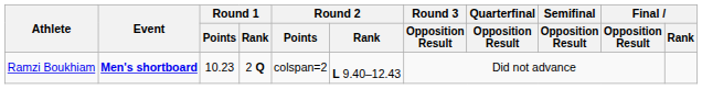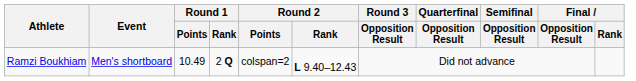 <table class="wikitable" style="font-size:90%">
 <tr>
 <th rowspan=2>Athlete</th>
 <th rowspan=2>Event</th>
 <th colspan=2>Round 1</th>
 <th colspan=2>Round 2</th>
 <th>Round 3</th>
 <th>Quarterfinal</th>
 <th>Semifinal</th>
 <th colspan=2>Final / </th>
 </tr>
 <tr style="font-size: 95%">
 <th>Points</th>
 <th>Rank</th>
 <th>Points</th>
 <th>Rank</th>
 <th>Opposition<br>Result</th>
 <th>Opposition<br>Result</th>
 <th>Opposition<br>Result</th>
 <th>Opposition<br>Result</th>
 <th>Rank</th>
 </tr>
 <tr align=center>
 <td align=left><a href='#'>Ramzi Boukhiam</a></td>
-<td align=left><strong><a href='#'>Men's shortboard</a></strong></td>
-<td>10.23</td>
+<td align=left><a href='#'>Men's shortboard</a></td>
+<td>10.49</td>
 <td>2 <strong>Q</strong></td>
 <td>colspan=2 </td>
 <td><br> <strong>L</strong> 9.40–12.43</td>
 <td colspan=4>Did not advance</td>
 </tr>
 </table>
